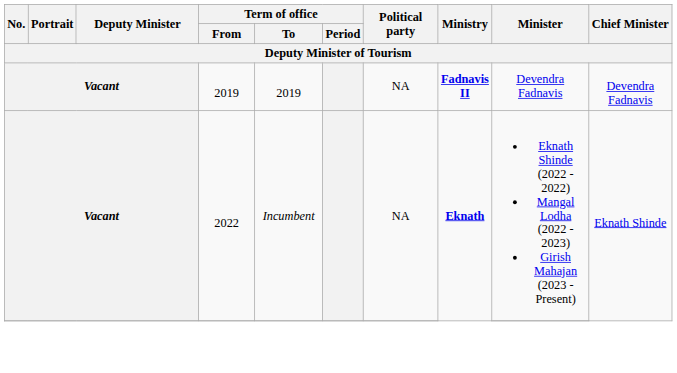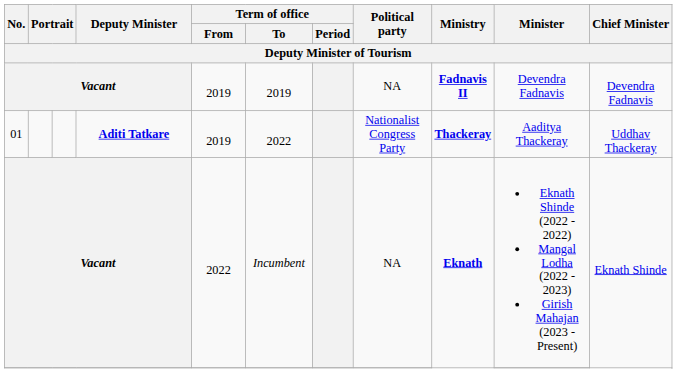 <table class="wikitable" style="text-align:center">
 <tr>
 <th rowspan="2">No.</th>
 <th rowspan="2" colspan="2">Portrait</th>
 <th rowspan="2" style="width:16em">Deputy Minister<br></th>
 <th colspan="3">Term of office</th>
 <th rowspan="2" style="width:8em">Political party</th>
 <th rowspan="2">Ministry</th>
 <th rowspan="2" style="width:9em">Minister</th>
 <th rowspan="2" style="width:9em">Chief Minister</th>
 </tr>
 <tr>
 <th style="width:6em">From</th>
 <th style="width:6em">To</th>
 <th>Period</th>
 </tr>
 <tr>
 <th colspan="11">Deputy Minister of Tourism</th>
 </tr>
 <tr>
 <th colspan="04"><strong><em>Vacant</em></strong></th>
 <td><br>2019</td>
 <td><br>2019</td>
 <th></th>
 <td>NA</td>
 <td rowspan="1"><a href='#'><strong>Fadnavis II</strong></a></td>
 <td><a href='#'>Devendra Fadnavis</a></td>
 <td rowspan="1"> <br><a href='#'>Devendra Fadnavis</a></td>
 </tr>
 <tr>
+<td>01</td>
+<td style="color:inherit;background:"></td>
+<td></td>
+<td><strong><a href='#'>Aditi Tatkare</a></strong> <br> </td>
+<td><br>2019</td>
+<td><br>2022</td>
+<th></th>
+<td><a href='#'>Nationalist Congress Party</a></td>
+<td rowspan="1"><a href='#'><strong>Thackeray</strong></a></td>
+<td><a href='#'>Aaditya Thackeray</a></td>
+<td rowspan="1"> <br><a href='#'>Uddhav Thackeray</a></td>
+</tr>
+<tr>
 <th colspan="04"><strong><em>Vacant </em></strong></th>
 <td><br>2022</td>
 <td><em>Incumbent</em></td>
 <th></th>
 <td>NA</td>
 <td rowspan="2"><a href='#'><strong>Eknath</strong></a></td>
 <td><br><ul><li><a href='#'>Eknath Shinde</a><br>(2022 - 2022)</li><li><a href='#'>Mangal Lodha</a><br> (2022 - 2023)</li><li><a href='#'>Girish Mahajan</a><br> (2023 - Present)</li></ul></td>
 <td rowspan="2"> <br><a href='#'>Eknath Shinde</a></td>
 </tr>
 <tr>
 </tr>
 </table>
